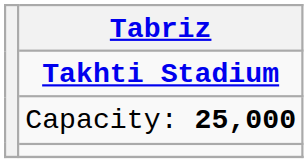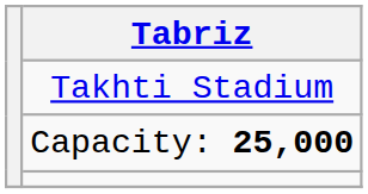 <table class="wikitable" style="text-align:center">
 <tr>
 <th rowspan=4></th>
 <th><a href='#'>Tabriz</a></th>
 </tr>
 <tr>
-<td><strong><a href='#'>Takhti Stadium</a></strong></td>
+<td><a href='#'>Takhti Stadium</a></td>
 </tr>
 <tr>
 <td>Capacity: <strong>	25,000</strong></td>
 </tr>
 <tr>
 <td></td>
 </tr>
 <tr>
 </tr>
 </table>
